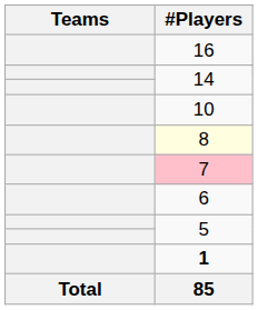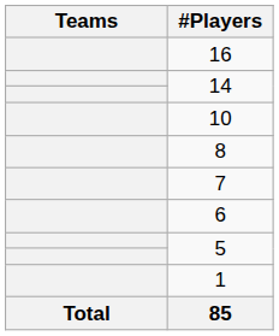 <table class="wikitable plainrowheaders" style="text-align:center">
 <tr>
 <th style="width:120px">Teams</th>
 <th style="width:75px">#Players</th>
 </tr>
 <tr>
 <th scope="row"></th>
 <td>16</td>
 </tr>
 <tr>
 <th scope="row"></th>
 <td rowspan="2">14</td>
 </tr>
 <tr>
 <th scope="row"></th>
 </tr>
 <tr>
 <th scope="row"></th>
 <td>10</td>
 </tr>
 <tr>
 <th scope="row"></th>
-<td style="background: lightyellow;">8</td>
+<td>8</td>
 </tr>
 <tr>
 <th scope="row"></th>
-<td style="background: pink;">7</td>
+<td>7</td>
 </tr>
 <tr>
 <th scope="row"></th>
 <td>6</td>
 </tr>
 <tr>
 <th scope="row"></th>
 <td rowspan=2>5</td>
 </tr>
 <tr>
 <th scope="row"></th>
 </tr>
 <tr>
 <th scope="row"></th>
-<td><strong>1</strong></td>
+<td>1</td>
 </tr>
 <tr>
 <th>Total</th>
 <th>85</th>
 </tr>
 </table>
